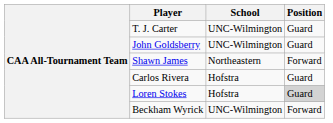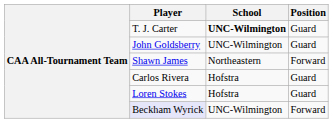 <table class="wikitable" border="1">
 <tr>
 <th rowspan=7 valign=middle>CAA All-Tournament Team</th>
 <th>Player</th>
 <th>School</th>
 <th>Position</th>
 </tr>
 <tr>
 <td>T. J. Carter</td>
-<td>UNC-Wilmington</td>
+<td><strong>UNC-Wilmington</strong></td>
 <td>Guard</td>
 </tr>
 <tr>
 <td><a href='#'>John Goldsberry</a></td>
 <td>UNC-Wilmington</td>
 <td>Guard</td>
 </tr>
 <tr>
 <td><a href='#'>Shawn James</a></td>
 <td>Northeastern</td>
 <td>Forward</td>
 </tr>
 <tr>
 <td>Carlos Rivera</td>
 <td>Hofstra</td>
 <td>Guard</td>
 </tr>
 <tr>
 <td><a href='#'>Loren Stokes</a></td>
 <td>Hofstra</td>
-<td style="background: lightgrey;">Guard</td>
+<td>Guard</td>
 </tr>
 <tr>
-<td>Beckham Wyrick</td>
+<td style="background: lavender;">Beckham Wyrick</td>
 <td>UNC-Wilmington</td>
 <td>Forward</td>
 </tr>
 </table>
